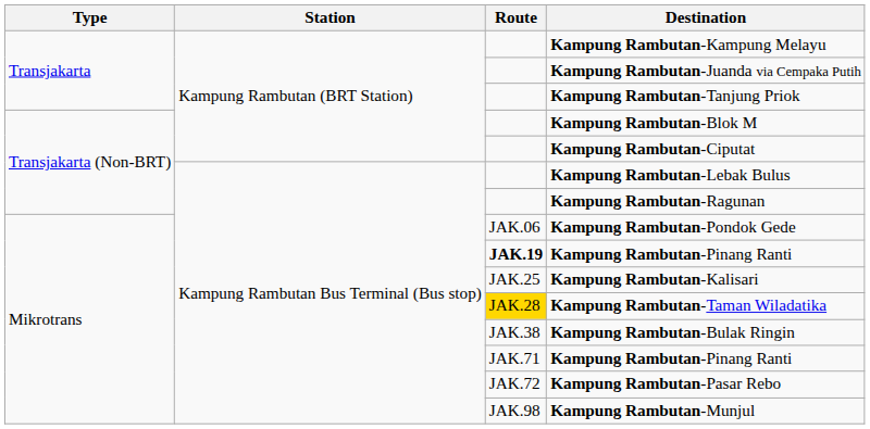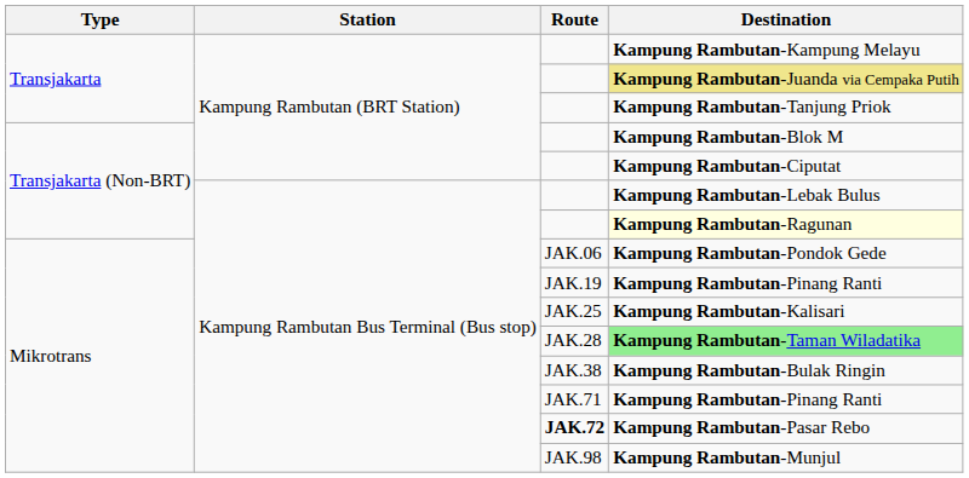 <table class="wikitable">
 <tr>
 <th>Type</th>
 <th>Station</th>
 <th>Route</th>
 <th>Destination</th>
 </tr>
 <tr>
 <td rowspan="3"><a href='#'>Transjakarta</a></td>
 <td rowspan="5">Kampung Rambutan (BRT Station)</td>
 <td></td>
 <td><strong>Kampung Rambutan</strong>-Kampung Melayu</td>
 </tr>
 <tr>
 <td></td>
-<td><strong>Kampung Rambutan</strong>-Juanda <small>via Cempaka Putih</small></td>
+<td style="background: khaki;"><strong>Kampung Rambutan</strong>-Juanda <small>via Cempaka Putih</small></td>
 </tr>
 <tr>
 <td></td>
 <td><strong>Kampung Rambutan</strong>-Tanjung Priok</td>
 </tr>
 <tr>
 <td rowspan="4"><a href='#'>Transjakarta</a> (Non-BRT)</td>
 <td></td>
 <td><strong>Kampung Rambutan</strong>-Blok M</td>
 </tr>
 <tr>
 <td></td>
 <td><strong>Kampung Rambutan</strong>-Ciputat</td>
 </tr>
 <tr>
 <td rowspan="10">Kampung Rambutan Bus Terminal (Bus stop)</td>
 <td></td>
 <td><strong>Kampung Rambutan</strong>-Lebak Bulus</td>
 </tr>
 <tr>
 <td></td>
-<td><strong>Kampung Rambutan</strong>-Ragunan</td>
+<td style="background: lightyellow;"><strong>Kampung Rambutan</strong>-Ragunan</td>
 </tr>
 <tr>
 <td rowspan="8">Mikrotrans</td>
 <td>JAK.06</td>
 <td><strong>Kampung Rambutan</strong>-Pondok Gede</td>
 </tr>
 <tr>
-<td><strong>JAK.19</strong></td>
+<td>JAK.19</td>
 <td><strong>Kampung Rambutan</strong>-Pinang Ranti</td>
 </tr>
 <tr>
 <td>JAK.25</td>
 <td><strong>Kampung Rambutan</strong>-Kalisari</td>
 </tr>
 <tr>
-<td style="background: gold;">JAK.28</td>
-<td><strong>Kampung Rambutan</strong>-<a href='#'>Taman Wiladatika</a></td>
+<td>JAK.28</td>
+<td style="background: lightgreen;"><strong>Kampung Rambutan</strong>-<a href='#'>Taman Wiladatika</a></td>
 </tr>
 <tr>
 <td>JAK.38</td>
 <td><strong>Kampung Rambutan</strong>-Bulak Ringin</td>
 </tr>
 <tr>
 <td>JAK.71</td>
 <td><strong>Kampung Rambutan</strong>-Pinang Ranti</td>
 </tr>
 <tr>
-<td>JAK.72</td>
+<td><strong>JAK.72</strong></td>
 <td><strong>Kampung Rambutan</strong>-Pasar Rebo</td>
 </tr>
 <tr>
 <td>JAK.98</td>
 <td><strong>Kampung Rambutan</strong>-Munjul</td>
 </tr>
 </table>
